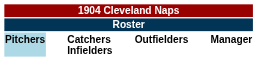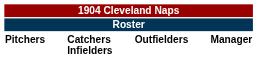 <table class="toccolours" style="font-size: 95%;">
 <tr>
 <th colspan="10" style="background-color: #990000; color: white; text-align: center;">1904 Cleveland Naps</th>
 </tr>
 <tr>
 <td colspan="10" style="background-color: #023456; color: white; text-align: center;"><strong>Roster</strong></td>
 </tr>
 <tr>
-<td valign="top" style="background: lightblue;"><strong>Pitchers</strong><br>      </td>
+<td valign="top"><strong>Pitchers</strong><br>      </td>
 <td width="25px"></td>
 <td valign="top"><strong>Catchers</strong><br>    <strong>Infielders</strong>        </td>
 <td width="25px"></td>
 <td valign="top"><strong>Outfielders</strong><br>    </td>
 <td width="25px"></td>
 <td valign="top"><strong>Manager</strong><br></td>
 </tr>
 </table>
